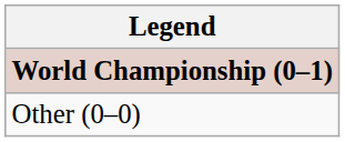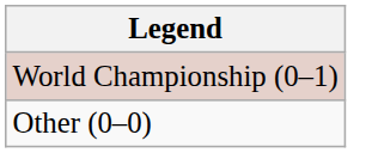 <table class="wikitable">
 <tr>
 <th>Legend</th>
 </tr>
 <tr bgcolor="#e5d1cb">
-<td><strong>World Championship (0–1)</strong></td>
+<td>World Championship (0–1)</td>
 </tr>
 <tr bgcolor=>
 <td>Other (0–0)</td>
 </tr>
 </table>
